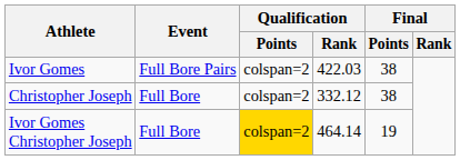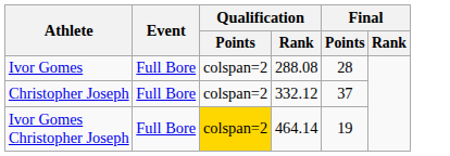 <table class="wikitable" style="font-size:90%;">
 <tr>
 <th rowspan=2>Athlete</th>
 <th rowspan=2>Event</th>
 <th colspan=2>Qualification</th>
 <th colspan=2>Final</th>
 </tr>
 <tr style="font-size:95%">
 <th>Points</th>
 <th>Rank</th>
 <th>Points</th>
 <th>Rank</th>
 </tr>
 <tr>
 <td><a href='#'>Ivor Gomes</a></td>
-<td><a href='#'>Full Bore Pairs</a></td>
+<td><a href='#'>Full Bore</a></td>
 <td>colspan=2 </td>
-<td align="center">422.03</td>
-<td align="center">38</td>
+<td align="center">288.08</td>
+<td align="center">28</td>
 </tr>
 <tr>
 <td><a href='#'>Christopher Joseph</a></td>
 <td><a href='#'>Full Bore</a></td>
 <td>colspan=2 </td>
 <td align="center">332.12</td>
-<td align="center">38</td>
+<td align="center">37</td>
 </tr>
 <tr>
 <td><a href='#'>Ivor Gomes</a><br><a href='#'>Christopher Joseph</a></td>
 <td><a href='#'>Full Bore</a></td>
 <td style="background: gold;">colspan=2 </td>
 <td align="center">464.14</td>
 <td align="center">19</td>
 </tr>
 </table>
